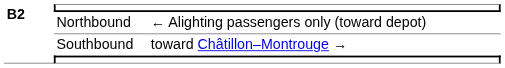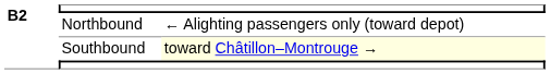 <table border=0 cellspacing=0 cellpadding=3>
 <tr>
 <td style="border-bottom:solid 1px gray;" width=50 rowspan=10 valign=top><strong>B2</strong></td>
 <td style="border-top:solid 1px gray;border-right:solid 2px black;border-left:solid 2px black;border-bottom:solid 2px black;text-align:center;" colspan=2></td>
 </tr>
 <tr>
 <td style="border-bottom:solid 1px gray;" width=100>Northbound</td>
 <td style="border-bottom:solid 1px gray;" width=390>←   Alighting passengers only (toward depot)</td>
 </tr>
 <tr>
 <td>Southbound</td>
-<td>   toward <a href='#'>Châtillon–Montrouge</a>  →</td>
+<td style="background: lightyellow;">   toward <a href='#'>Châtillon–Montrouge</a>  →</td>
 </tr>
 <tr>
 <td style="border-top:solid 2px black;border-right:solid 2px black;border-left:solid 2px black;border-bottom:solid 1px gray;text-align:center;" colspan=2></td>
 </tr>
 </table>
